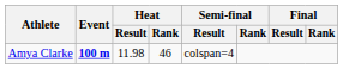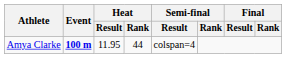 <table class=wikitable style=font-size:90%>
 <tr>
 <th rowspan=2>Athlete</th>
 <th rowspan=2>Event</th>
 <th colspan=2>Heat</th>
 <th colspan=2>Semi-final</th>
 <th colspan=2>Final</th>
 </tr>
 <tr style=font-size:95%>
 <th>Result</th>
 <th>Rank</th>
 <th>Result</th>
 <th>Rank</th>
 <th>Result</th>
 <th>Rank</th>
 </tr>
 <tr align=center>
 <td align=left><a href='#'>Amya Clarke</a></td>
 <td align=left><strong><a href='#'>100 m</a></strong></td>
-<td>11.98</td>
-<td>46</td>
+<td>11.95</td>
+<td>44</td>
 <td>colspan=4 </td>
 </tr>
 </table>
